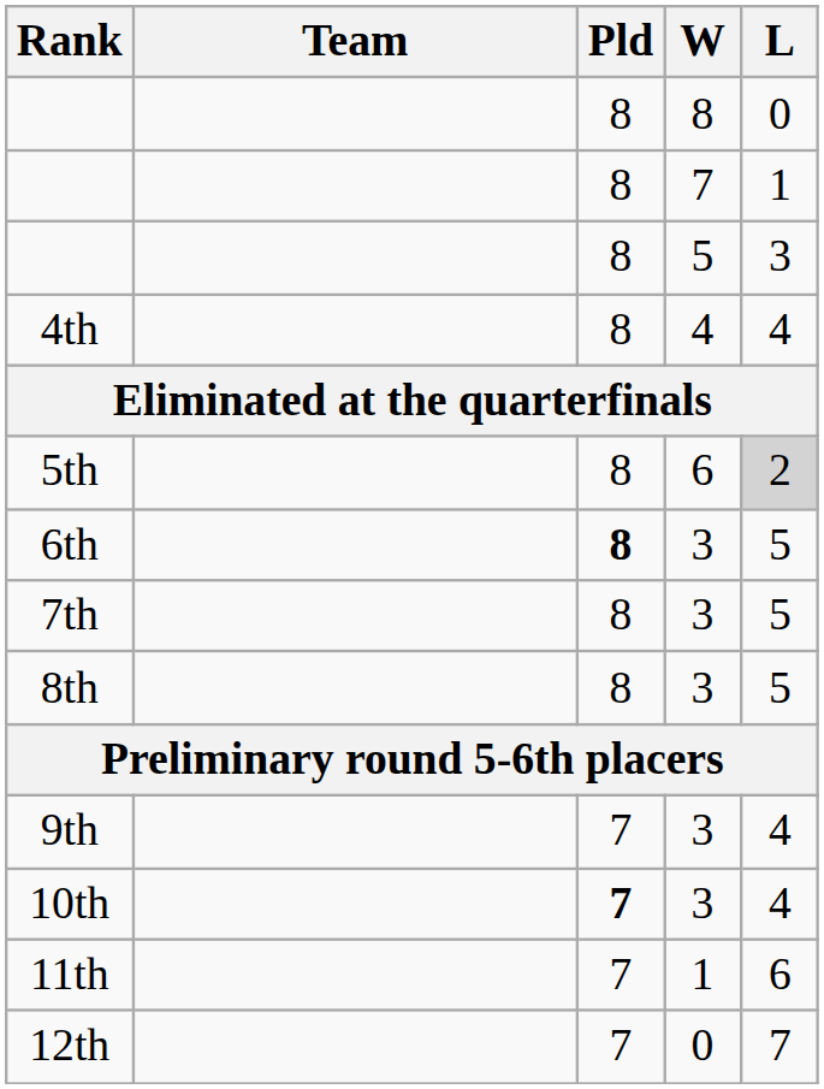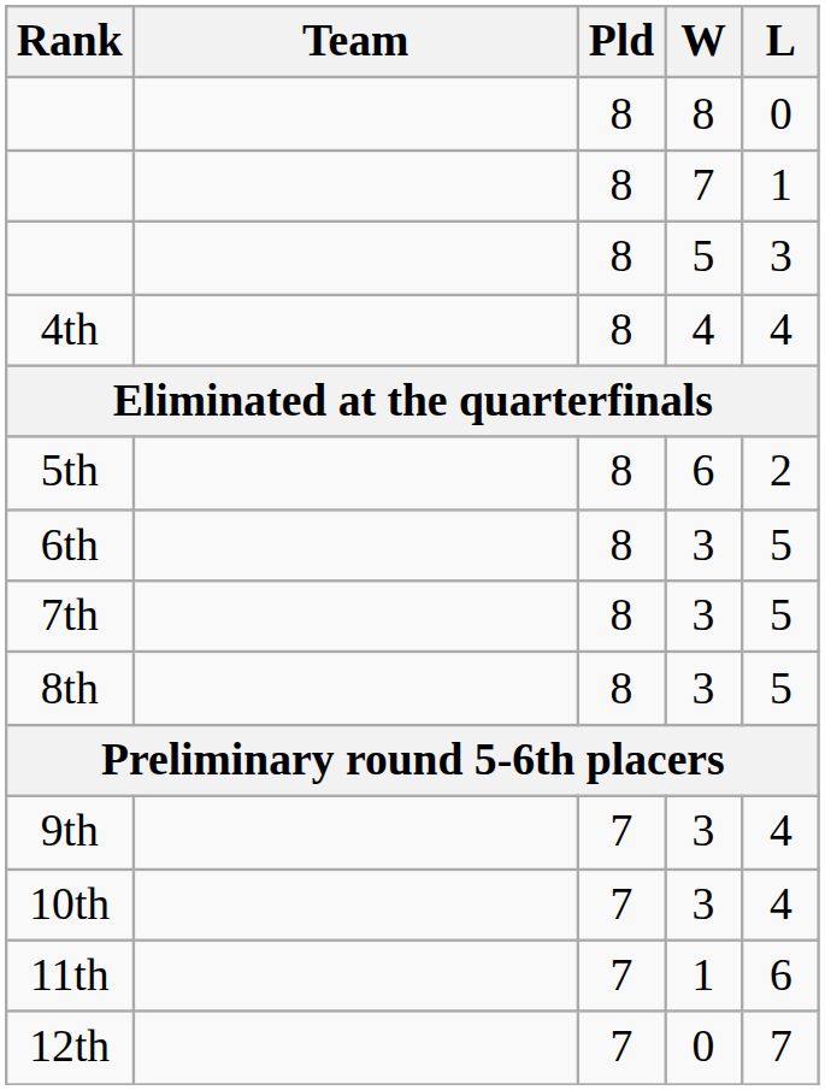 <table class=wikitable>
 <tr>
 <th>Rank</th>
 <th width=150px>Team</th>
 <th width=20px>Pld</th>
 <th width=20px>W</th>
 <th width=20px>L</th>
 </tr>
 <tr align=center>
 <td></td>
 <td align=left></td>
 <td>8</td>
 <td>8</td>
 <td>0</td>
 </tr>
 <tr align=center>
 <td></td>
 <td align=left></td>
 <td>8</td>
 <td>7</td>
 <td>1</td>
 </tr>
 <tr align=center>
 <td></td>
 <td align=left></td>
 <td>8</td>
 <td>5</td>
 <td>3</td>
 </tr>
 <tr align=center>
 <td>4th</td>
 <td align=left></td>
 <td>8</td>
 <td>4</td>
 <td>4</td>
 </tr>
 <tr>
 <th colspan=11>Eliminated at the quarterfinals</th>
 </tr>
 <tr align=center>
 <td>5th</td>
 <td align=left></td>
 <td>8</td>
 <td>6</td>
-<td style="background: lightgrey;">2</td>
+<td>2</td>
 </tr>
 <tr align=center>
 <td>6th</td>
 <td align=left></td>
-<td><strong>8</strong></td>
+<td>8</td>
 <td>3</td>
 <td>5</td>
 </tr>
 <tr align=center>
 <td>7th</td>
 <td align=left></td>
 <td>8</td>
 <td>3</td>
 <td>5</td>
 </tr>
 <tr align=center>
 <td>8th</td>
 <td align=left></td>
 <td>8</td>
 <td>3</td>
 <td>5</td>
 </tr>
 <tr>
 <th colspan=11>Preliminary round 5-6th placers</th>
 </tr>
 <tr align=center>
 <td>9th</td>
 <td align=left></td>
 <td>7</td>
 <td>3</td>
 <td>4</td>
 </tr>
 <tr align=center>
 <td>10th</td>
 <td align=left></td>
-<td><strong>7</strong></td>
+<td>7</td>
 <td>3</td>
 <td>4</td>
 </tr>
 <tr align=center>
 <td>11th</td>
 <td align=left></td>
 <td>7</td>
 <td>1</td>
 <td>6</td>
 </tr>
 <tr align=center>
 <td>12th</td>
 <td align=left></td>
 <td>7</td>
 <td>0</td>
 <td>7</td>
 </tr>
 </table>
